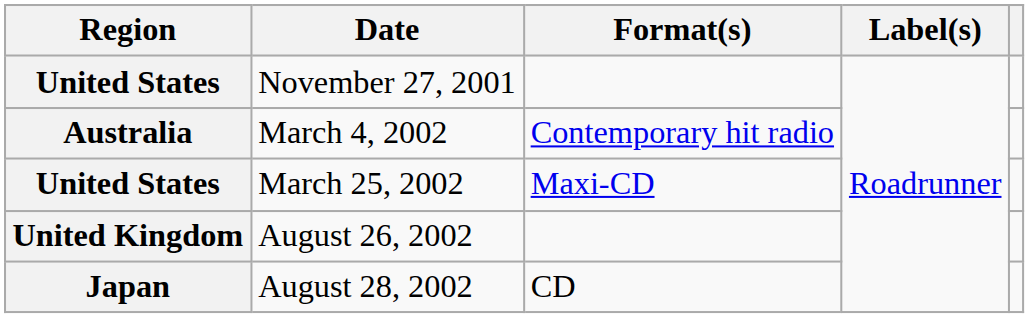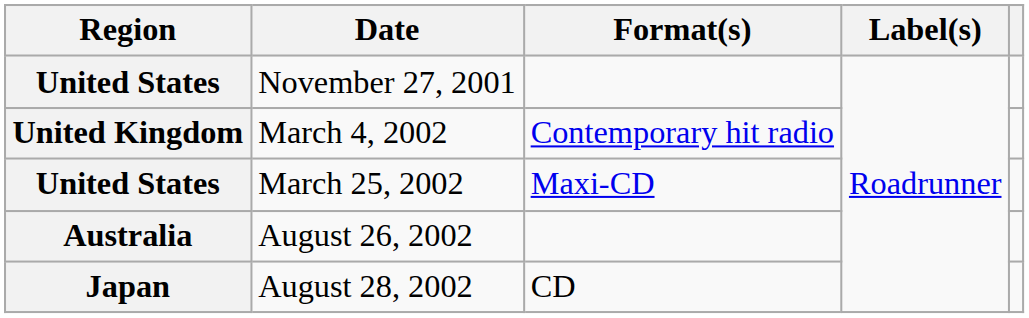 <table class="wikitable plainrowheaders">
 <tr>
 <th scope="col">Region</th>
 <th scope="col">Date</th>
 <th scope="col">Format(s)</th>
 <th scope="col">Label(s)</th>
 <th scope="col"></th>
 </tr>
 <tr>
 <th scope="row">United States</th>
 <td>November 27, 2001</td>
 <td></td>
 <td rowspan="5"><a href='#'>Roadrunner</a></td>
 <td align="center"></td>
 </tr>
 <tr>
-<th scope="row">Australia</th>
+<th scope="row">United Kingdom</th>
 <td>March 4, 2002</td>
 <td><a href='#'>Contemporary hit radio</a></td>
 <td align="center"></td>
 </tr>
 <tr>
 <th scope="row">United States</th>
 <td>March 25, 2002</td>
 <td><a href='#'>Maxi-CD</a></td>
 <td align="center"></td>
 </tr>
 <tr>
-<th scope="row">United Kingdom</th>
+<th scope="row">Australia</th>
 <td>August 26, 2002</td>
 <td></td>
 <td align="center"></td>
 </tr>
 <tr>
 <th scope="row">Japan</th>
 <td>August 28, 2002</td>
 <td>CD</td>
 <td align="center"></td>
 </tr>
 </table>
